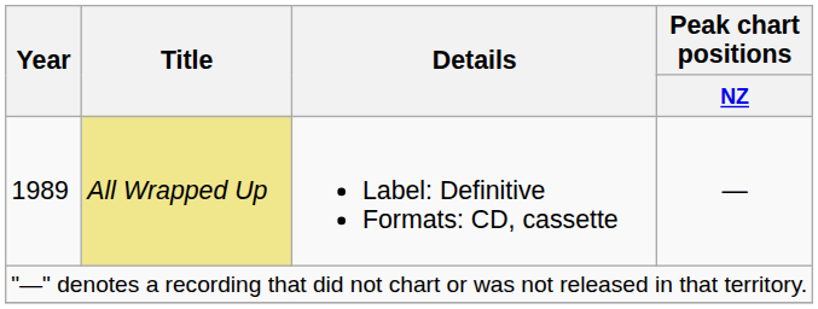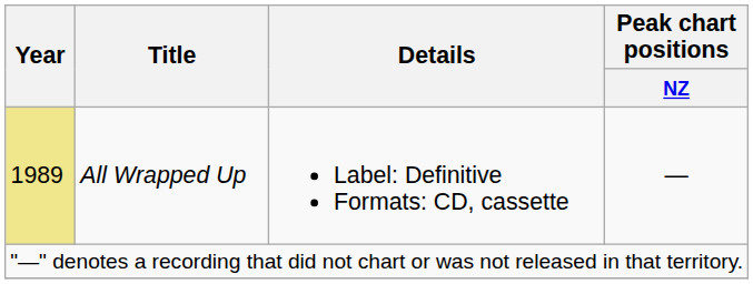 <table class="wikitable plainrowheaders">
 <tr>
 <th rowspan="2">Year</th>
 <th rowspan="2">Title</th>
 <th rowspan="2">Details</th>
 <th>Peak chart<br>positions</th>
 </tr>
 <tr>
 <th><small><a href='#'>NZ</a></small></th>
 </tr>
 <tr>
-<td>1989</td>
-<td style="background: khaki;"><em>All Wrapped Up</em></td>
+<td style="background: khaki;">1989</td>
+<td><em>All Wrapped Up</em></td>
 <td><br><ul><li>Label: Definitive</li><li>Formats: CD, cassette</li></ul></td>
 <td align="center">—</td>
 </tr>
 <tr>
 <td colspan="4" style="font-size:90%" align="center">"—" denotes a recording that did not chart or was not released in that territory.</td>
 </tr>
 <tr>
 </tr>
 </table>
